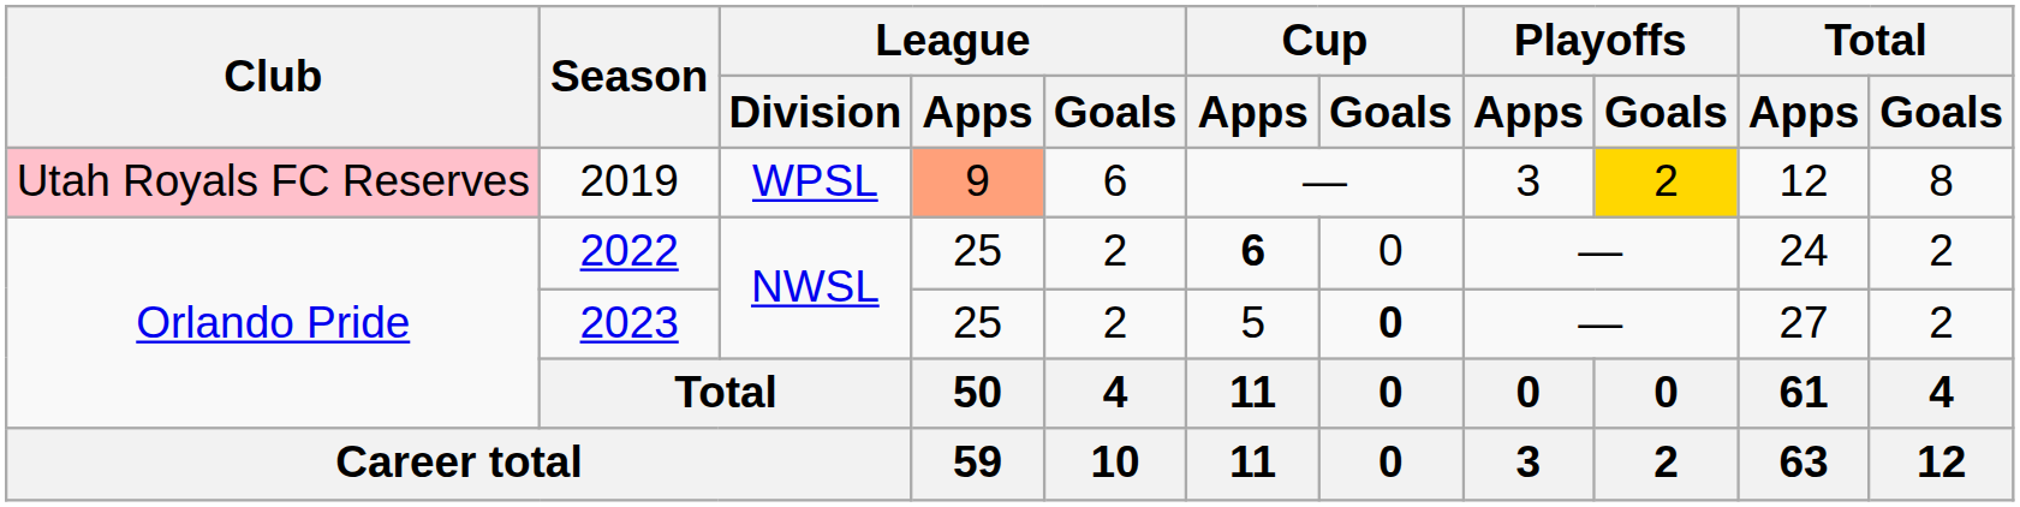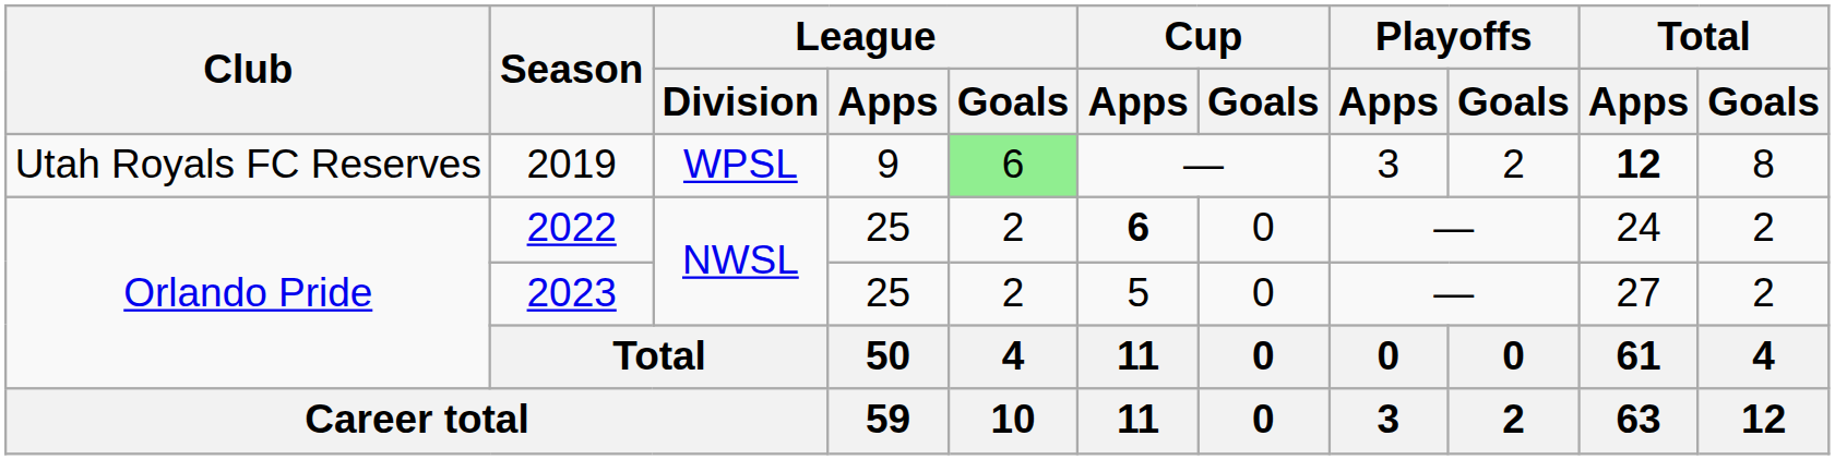 <table class="wikitable" style="text-align: center;">
 <tr>
 <th rowspan="2">Club</th>
 <th rowspan="2">Season</th>
 <th colspan="3">League</th>
 <th colspan="2">Cup</th>
 <th colspan="2">Playoffs</th>
 <th colspan="2">Total</th>
 </tr>
 <tr>
 <th>Division</th>
 <th>Apps</th>
 <th>Goals</th>
 <th>Apps</th>
 <th>Goals</th>
 <th>Apps</th>
 <th>Goals</th>
 <th>Apps</th>
 <th>Goals</th>
 </tr>
 <tr>
-<td style="background: pink;">Utah Royals FC Reserves</td>
+<td>Utah Royals FC Reserves</td>
 <td>2019</td>
 <td><a href='#'>WPSL</a></td>
-<td style="background: lightsalmon;">9</td>
-<td>6</td>
+<td>9</td>
+<td style="background: lightgreen;">6</td>
 <td colspan="2">—</td>
 <td>3</td>
-<td style="background: gold;">2</td>
-<td>12</td>
+<td>2</td>
+<td><strong>12</strong></td>
 <td>8</td>
 </tr>
 <tr>
 <td rowspan="3"><a href='#'>Orlando Pride</a></td>
 <td><a href='#'>2022</a></td>
 <td rowspan="2"><a href='#'>NWSL</a></td>
 <td>25</td>
 <td>2</td>
 <td><strong>6</strong></td>
 <td>0</td>
 <td colspan="2">—</td>
 <td>24</td>
 <td>2</td>
 </tr>
 <tr>
 <td><a href='#'>2023</a></td>
 <td>25</td>
 <td>2</td>
 <td>5</td>
-<td><strong>0</strong></td>
+<td>0</td>
 <td colspan="2">—</td>
 <td>27</td>
 <td>2</td>
 </tr>
 <tr>
 <th colspan="2">Total</th>
 <th>50</th>
 <th>4</th>
 <th>11</th>
 <th>0</th>
 <th>0</th>
 <th>0</th>
 <th>61</th>
 <th>4</th>
 </tr>
 <tr>
 <th colspan="3">Career total</th>
 <th>59</th>
 <th>10</th>
 <th>11</th>
 <th>0</th>
 <th>3</th>
 <th>2</th>
 <th>63</th>
 <th>12</th>
 </tr>
 </table>
